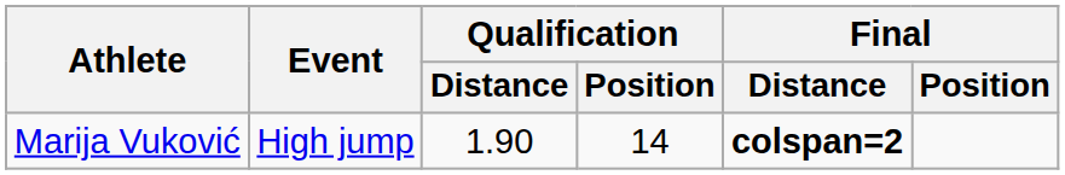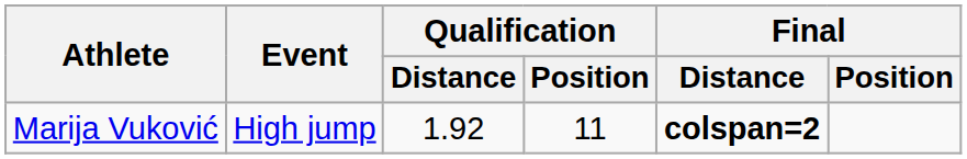 <table class=wikitable style=font-size:90%>
 <tr>
 <th rowspan=2>Athlete</th>
 <th rowspan=2>Event</th>
 <th colspan=2>Qualification</th>
 <th colspan=2>Final</th>
 </tr>
 <tr style=font-size:95%>
 <th>Distance</th>
 <th>Position</th>
 <th>Distance</th>
 <th>Position</th>
 </tr>
 <tr align=center>
 <td align=left><a href='#'>Marija Vuković</a></td>
 <td align=left><a href='#'>High jump</a></td>
-<td>1.90</td>
-<td>14</td>
+<td>1.92</td>
+<td>11</td>
 <td><strong>colspan=2 </strong></td>
 </tr>
 </table>
